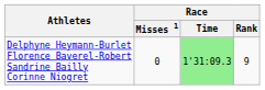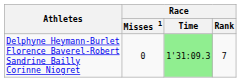 <table class="wikitable" border="1" style="font-size:90%">
 <tr>
 <th rowspan=2>Athletes</th>
 <th colspan=3>Race</th>
 </tr>
 <tr>
 <th>Misses <sup>1</sup></th>
 <th>Time</th>
 <th>Rank</th>
 </tr>
 <tr>
 <td><a href='#'>Delphyne Heymann-Burlet</a><br><a href='#'>Florence Baverel-Robert</a><br><a href='#'>Sandrine Bailly</a><br><a href='#'>Corinne Niogret</a></td>
 <td align=center>0</td>
 <td align=center style="background: lightgreen;">1'31:09.3</td>
-<td align=center>9</td>
+<td align=center>7</td>
 </tr>
 </table>
